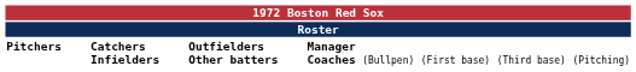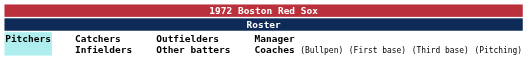 <table class="toccolours" style="text-align: left;">
 <tr>
 <th colspan="10" style="background-color: #ba313c; color: white; text-align: center;">1972 Boston Red Sox</th>
 </tr>
 <tr>
 <td colspan="10" style="background-color: #0d2b56; color: white; text-align: center;"><strong>Roster</strong></td>
 </tr>
 <tr>
-<td valign="top"><strong>Pitchers</strong><br>                </td>
+<td valign="top" style="background: paleturquoise;"><strong>Pitchers</strong><br>                </td>
 <td width="25px"></td>
 <td valign="top"><strong>Catchers</strong><br>   <strong>Infielders</strong>          </td>
 <td width="25px"></td>
 <td valign="top"><strong>Outfielders</strong><br>        <strong>Other batters</strong> </td>
 <td width="25px"></td>
 <td valign="top"><strong>Manager</strong><br> <strong>Coaches</strong>  <small>(Bullpen)</small>  <small>(First base)</small>  <small>(Third base)</small>  <small>(Pitching)</small></td>
 </tr>
 <tr>
 </tr>
 </table>
